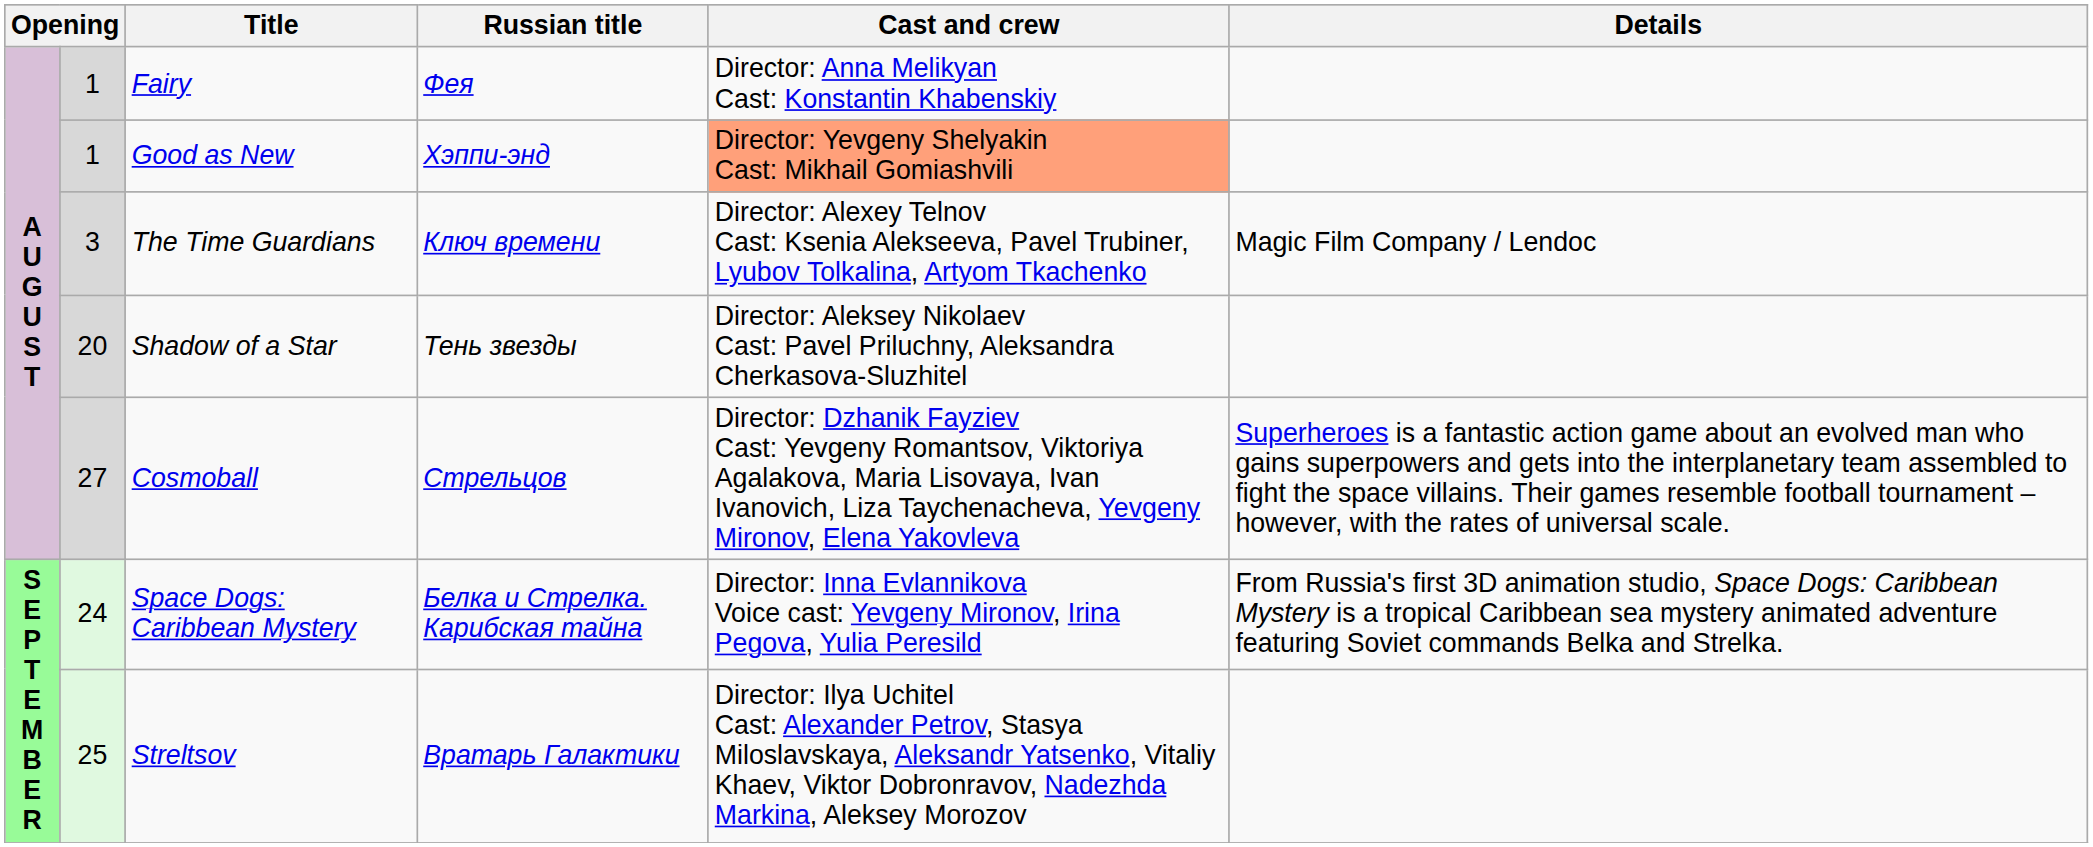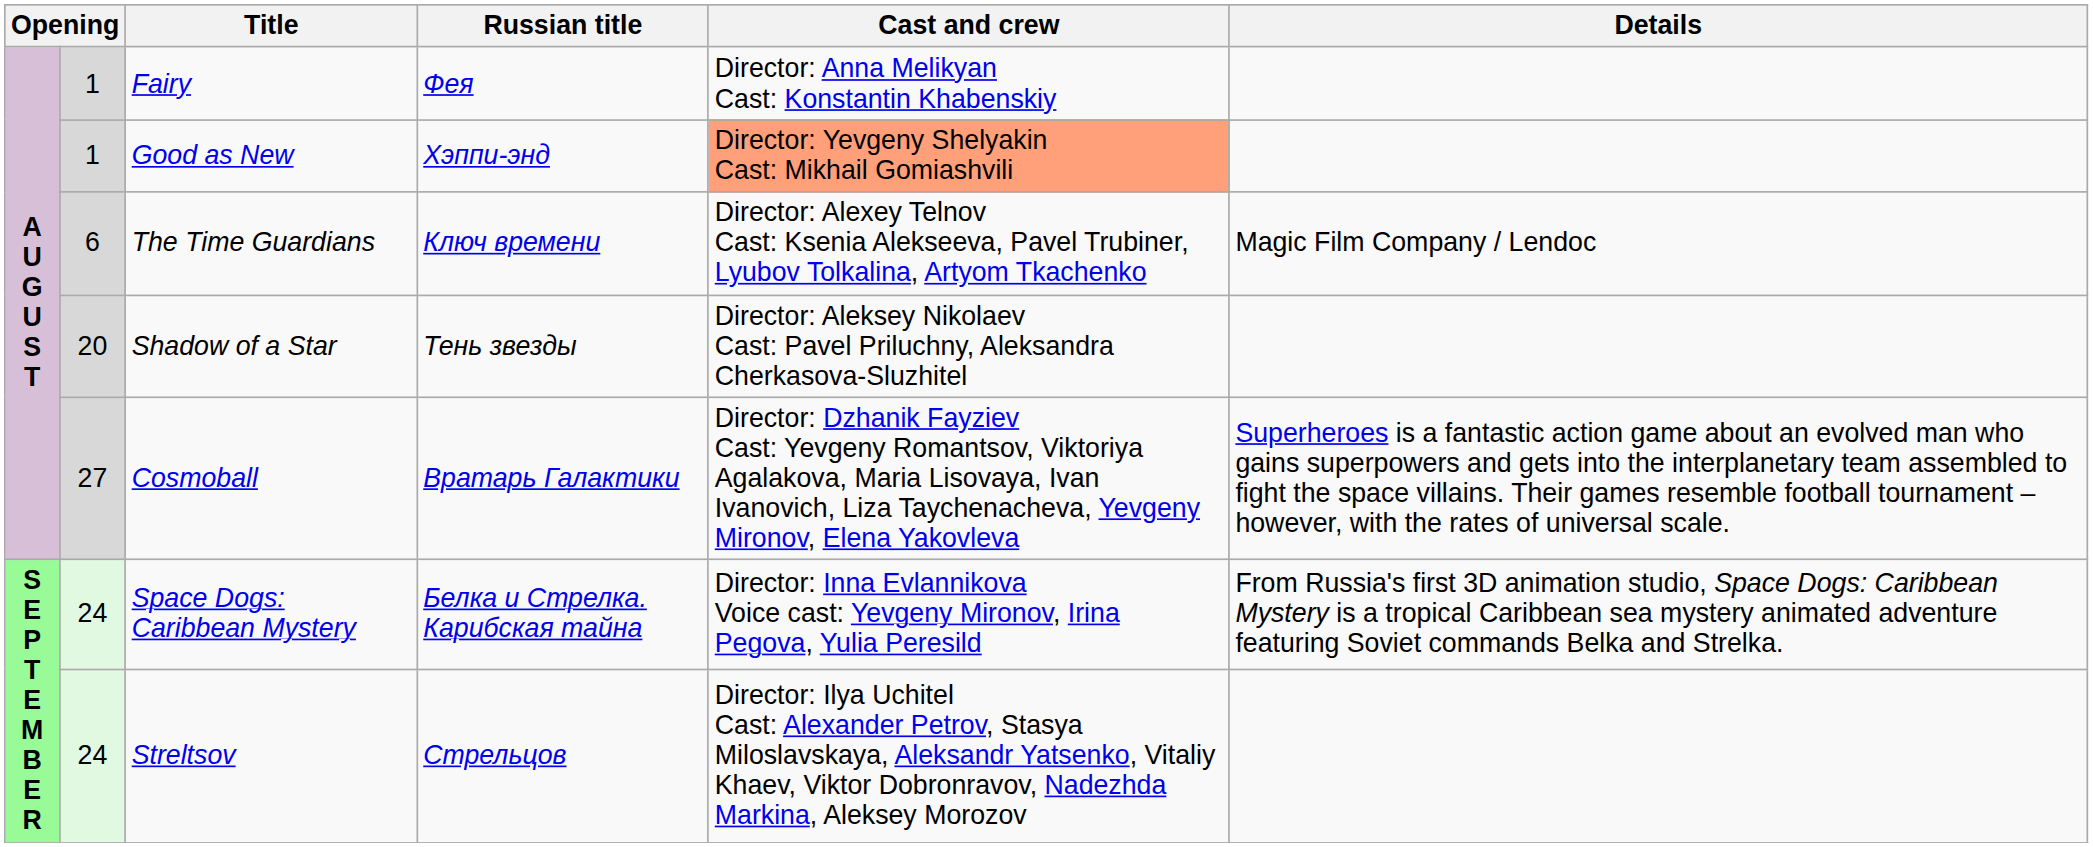 <table class="wikitable">
 <tr>
 <th colspan="2">Opening</th>
 <th style="width:14%;">Title</th>
 <th style="width:14%;">Russian title</th>
 <th style="width:25%;">Cast and crew</th>
 <th>Details</th>
 </tr>
 <tr>
 <th rowspan="5" align="center" style="background:thistle; textcolor:#000;">A<br>U<br>G<br>U<br>S<br>T</th>
 <td align="center" style="background:#d8d8d8;">1</td>
 <td><em><a href='#'>Fairy</a></em></td>
 <td><em><a href='#'>Фея</a></em></td>
 <td>Director: <a href='#'>Anna Melikyan</a> <br> Cast: <a href='#'>Konstantin Khabenskiy</a></td>
 <td></td>
 </tr>
 <tr>
 <td align="center" style="background:#d8d8d8;">1</td>
 <td><em><a href='#'>Good as New</a></em></td>
 <td><em><a href='#'>Хэппи-энд</a></em></td>
 <td style="background: lightsalmon;">Director: Yevgeny Shelyakin <br> Cast: Mikhail Gomiashvili</td>
 <td></td>
 </tr>
 <tr>
-<td align="center" style="background:#d8d8d8;">3</td>
+<td align="center" style="background:#d8d8d8;">6</td>
 <td><em>The Time Guardians</em></td>
 <td><em><a href='#'>Ключ времени</a></em></td>
 <td>Director: Alexey Telnov <br> Cast: Ksenia Alekseeva, Pavel Trubiner, <a href='#'>Lyubov Tolkalina</a>, <a href='#'>Artyom Tkachenko</a></td>
 <td>Magic Film Company / Lendoc</td>
 </tr>
 <tr>
 <td align="center" style="background:#d8d8d8;">20</td>
 <td><em>Shadow of a Star</em></td>
 <td><em>Тень звезды</em></td>
 <td>Director: Aleksey Nikolaev <br> Cast: Pavel Priluchny, Aleksandra Cherkasova-Sluzhitel</td>
 <td></td>
 </tr>
 <tr>
 <td align="center" style="background:#d8d8d8;">27</td>
 <td><em><a href='#'>Cosmoball</a></em></td>
-<td><em><a href='#'>Стрельцов</a></em></td>
+<td><em><a href='#'>Вратарь Галактики</a></em></td>
 <td>Director: <a href='#'>Dzhanik Fayziev</a> <br> Cast: Yevgeny Romantsov, Viktoriya Agalakova, Maria Lisovaya, Ivan Ivanovich, Liza  Taychenacheva, <a href='#'>Yevgeny Mironov</a>, <a href='#'>Elena Yakovleva</a></td>
 <td><a href='#'>Superheroes</a> is a fantastic action game about an evolved man who gains superpowers and gets into the interplanetary team assembled to fight the space villains. Their games resemble football tournament – however, with the rates of universal scale.</td>
 </tr>
 <tr>
 <th rowspan="2" align="center" style="background:#98fb98; textcolor:#000;">S<br>E<br>P<br>T<br>E<br>M<br>B<br>E<br>R</th>
 <td align="center" style="background:#e0f9e0;">24</td>
 <td><em><a href='#'>Space Dogs: Caribbean Mystery</a></em></td>
 <td><em><a href='#'>Белка и Стрелка. Карибская тайна</a></em></td>
 <td>Director: <a href='#'>Inna Evlannikova</a> <br>Voice cast: <a href='#'>Yevgeny Mironov</a>, <a href='#'>Irina Pegova</a>, <a href='#'>Yulia Peresild</a></td>
 <td>From Russia's first 3D animation studio, <em>Space Dogs: Caribbean Mystery</em> is a tropical Caribbean sea mystery animated adventure featuring Soviet commands Belka and Strelka.</td>
 </tr>
 <tr>
-<td align="center" style="background:#e0f9e0;">25</td>
+<td align="center" style="background:#e0f9e0;">24</td>
 <td><em><a href='#'>Streltsov</a></em></td>
-<td><em><a href='#'>Вратарь Галактики</a></em></td>
+<td><em><a href='#'>Стрельцов</a></em></td>
 <td>Director: Ilya Uchitel <br> Cast: <a href='#'>Alexander Petrov</a>, Stasya Miloslavskaya, <a href='#'>Aleksandr Yatsenko</a>, Vitaliy Khaev, Viktor Dobronravov, <a href='#'>Nadezhda Markina</a>, Aleksey Morozov</td>
 <td></td>
 </tr>
 <tr>
 </tr>
 </table>
